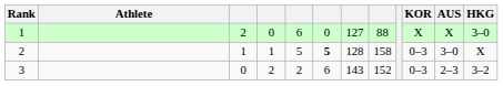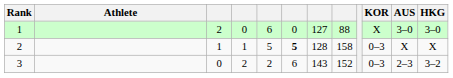 <table class="wikitable" style="text-align:center">
 <tr>
 <th>Rank</th>
 <th width=250>Athlete</th>
 <th width=30></th>
 <th width=30></th>
 <th width=30></th>
 <th width=30></th>
 <th width=30></th>
 <th width=30></th>
 <th rowspan=4></th>
 <th width=30>KOR</th>
 <th width=30>AUS</th>
 <th width=30>HKG</th>
 </tr>
 <tr bgcolor=#ccffcc>
 <td>1</td>
 <td align=left></td>
 <td>2</td>
 <td>0</td>
 <td>6</td>
 <td>0</td>
 <td>127</td>
 <td>88</td>
 <td>X</td>
-<td>X</td>
+<td>3–0</td>
 <td>3–0</td>
 </tr>
 <tr>
 <td>2</td>
 <td align=left></td>
 <td>1</td>
 <td>1</td>
 <td>5</td>
 <td><strong>5</strong></td>
 <td>128</td>
 <td>158</td>
 <td>0–3</td>
-<td>3–0</td>
+<td>X</td>
 <td>X</td>
 </tr>
 <tr>
 <td>3</td>
 <td align=left></td>
 <td>0</td>
 <td>2</td>
 <td>2</td>
 <td>6</td>
 <td>143</td>
 <td>152</td>
 <td>0–3</td>
 <td>2–3</td>
 <td>3–2</td>
 </tr>
 </table>
